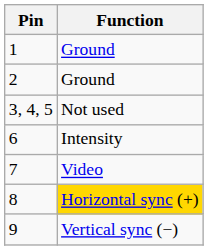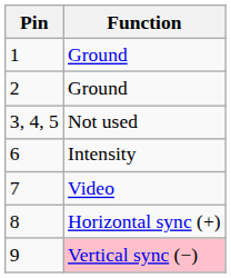 <table class="wikitable" style="font-size:small">
 <tr>
 <th>Pin</th>
 <th>Function</th>
 </tr>
 <tr>
 <td>1</td>
 <td><a href='#'>Ground</a></td>
 </tr>
 <tr>
 <td>2</td>
 <td>Ground</td>
 </tr>
 <tr>
 <td>3, 4, 5</td>
 <td>Not used</td>
 </tr>
 <tr>
 <td>6</td>
 <td>Intensity</td>
 </tr>
 <tr>
 <td>7</td>
 <td><a href='#'>Video</a></td>
 </tr>
 <tr>
 <td>8</td>
-<td style="background: gold;"><a href='#'>Horizontal sync</a> (+)</td>
+<td><a href='#'>Horizontal sync</a> (+)</td>
 </tr>
 <tr>
 <td>9</td>
-<td><a href='#'>Vertical sync</a> (−)</td>
+<td style="background: pink;"><a href='#'>Vertical sync</a> (−)</td>
 </tr>
 </table>
